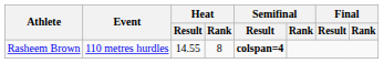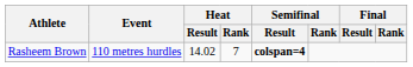 <table class="wikitable" style="font-size:90%">
 <tr>
 <th rowspan="2">Athlete</th>
 <th rowspan="2">Event</th>
 <th colspan="2">Heat</th>
 <th colspan="2">Semifinal</th>
 <th colspan="2">Final</th>
 </tr>
 <tr style="font-size:95%">
 <th>Result</th>
 <th>Rank</th>
 <th>Result</th>
 <th>Rank</th>
 <th>Result</th>
 <th>Rank</th>
 </tr>
 <tr align=center>
 <td align=left><a href='#'>Rasheem Brown</a></td>
 <td align=left><a href='#'>110 metres hurdles</a></td>
-<td>14.55</td>
-<td>8</td>
+<td>14.02</td>
+<td>7</td>
 <td><strong>colspan=4 </strong></td>
 </tr>
 </table>
